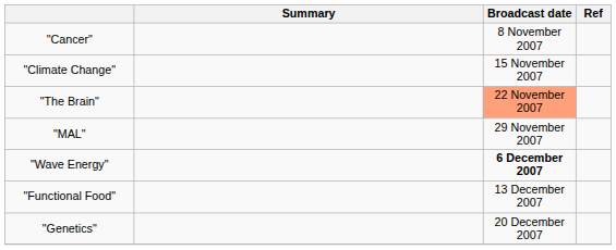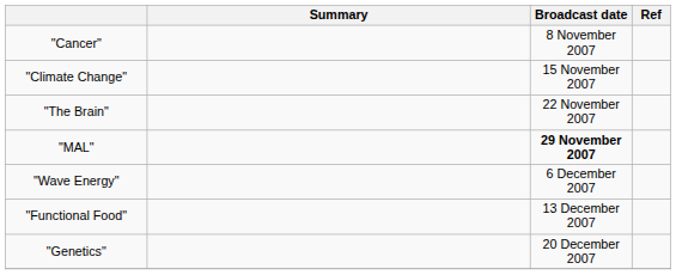 <table class="wikitable">
 <tr>
 <th width="170" rowspan="1"></th>
 <th width="470" rowspan="1">Summary</th>
 <th width="120" rowspan="1">Broadcast date</th>
 <th width="40" rowspan="1">Ref</th>
 </tr>
 <tr>
 <td align="center">"Cancer"</td>
 <td align="center"></td>
 <td align="center">8 November 2007</td>
 <td align="center"></td>
 </tr>
 <tr>
 <td align="center">"Climate Change"</td>
 <td align="center"></td>
 <td align="center">15 November 2007</td>
 <td align="center"></td>
 </tr>
 <tr>
 <td align="center">"The Brain"</td>
 <td align="center"></td>
-<td align="center" style="background: lightsalmon;">22 November 2007</td>
+<td align="center">22 November 2007</td>
 <td align="center"></td>
 </tr>
 <tr>
 <td align="center">"MAL"</td>
 <td align="center"></td>
-<td align="center">29 November 2007</td>
+<td align="center"><strong>29 November 2007</strong></td>
 <td align="center"></td>
 </tr>
 <tr>
 <td align="center">"Wave Energy"</td>
 <td align="center"></td>
-<td align="center"><strong>6 December 2007</strong></td>
+<td align="center">6 December 2007</td>
 <td align="center"></td>
 </tr>
 <tr>
 <td align="center">"Functional Food"</td>
 <td align="center"></td>
 <td align="center">13 December 2007</td>
 <td align="center"></td>
 </tr>
 <tr>
 <td align="center">"Genetics"</td>
 <td align="center"></td>
 <td align="center">20 December 2007</td>
 <td align="center"></td>
 </tr>
 <tr>
 </tr>
 </table>
